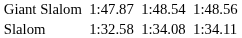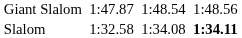 <table>
 <tr>
 <td>Giant Slalom</td>
 <td></td>
 <td>1:47.87</td>
 <td></td>
 <td>1:48.54</td>
 <td></td>
 <td>1:48.56</td>
 </tr>
 <tr>
 <td>Slalom</td>
 <td></td>
 <td>1:32.58</td>
 <td></td>
 <td>1:34.08</td>
 <td></td>
-<td>1:34.11</td>
+<td><strong>1:34.11</strong></td>
 </tr>
 </table>
